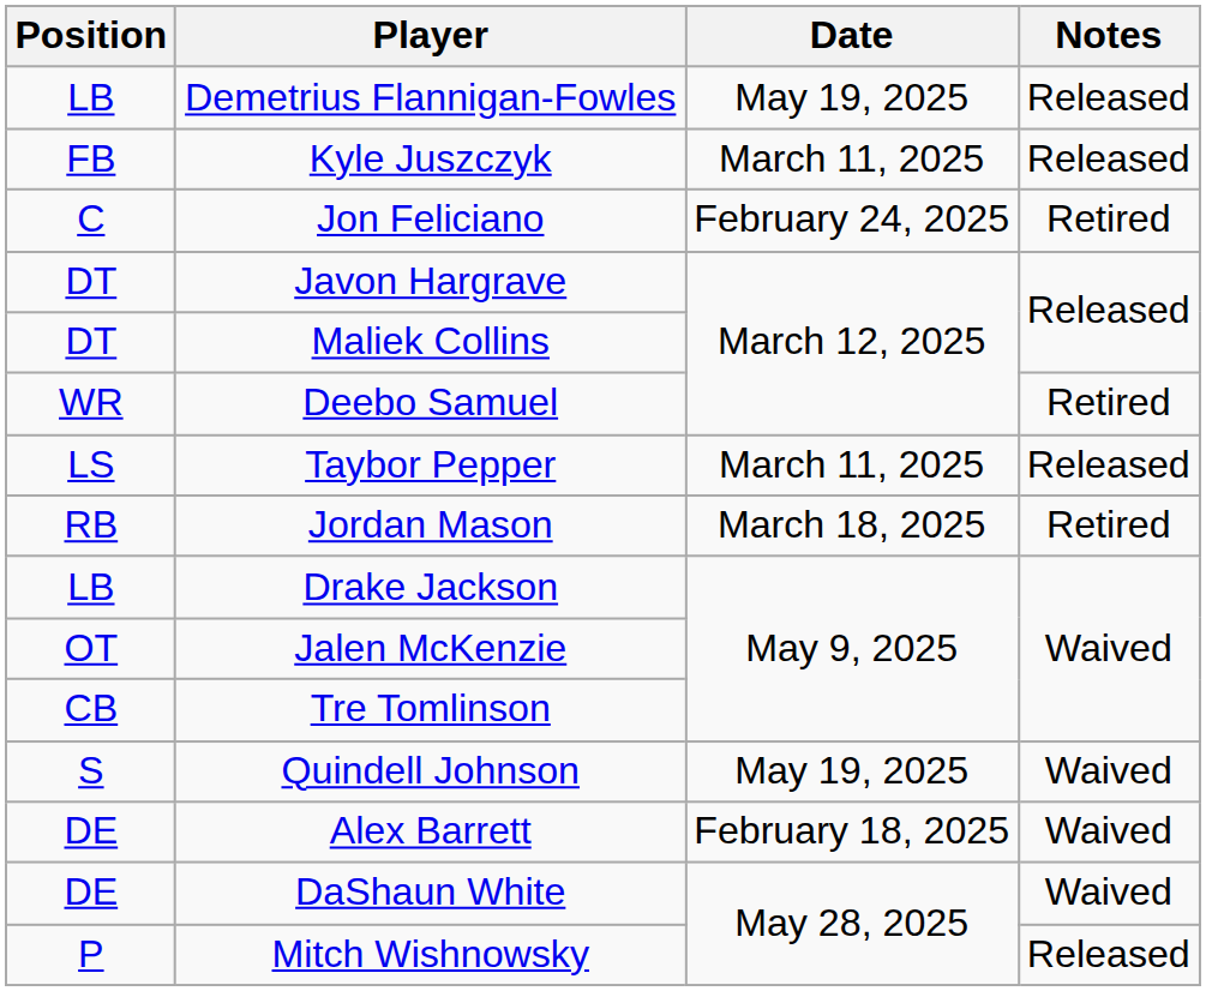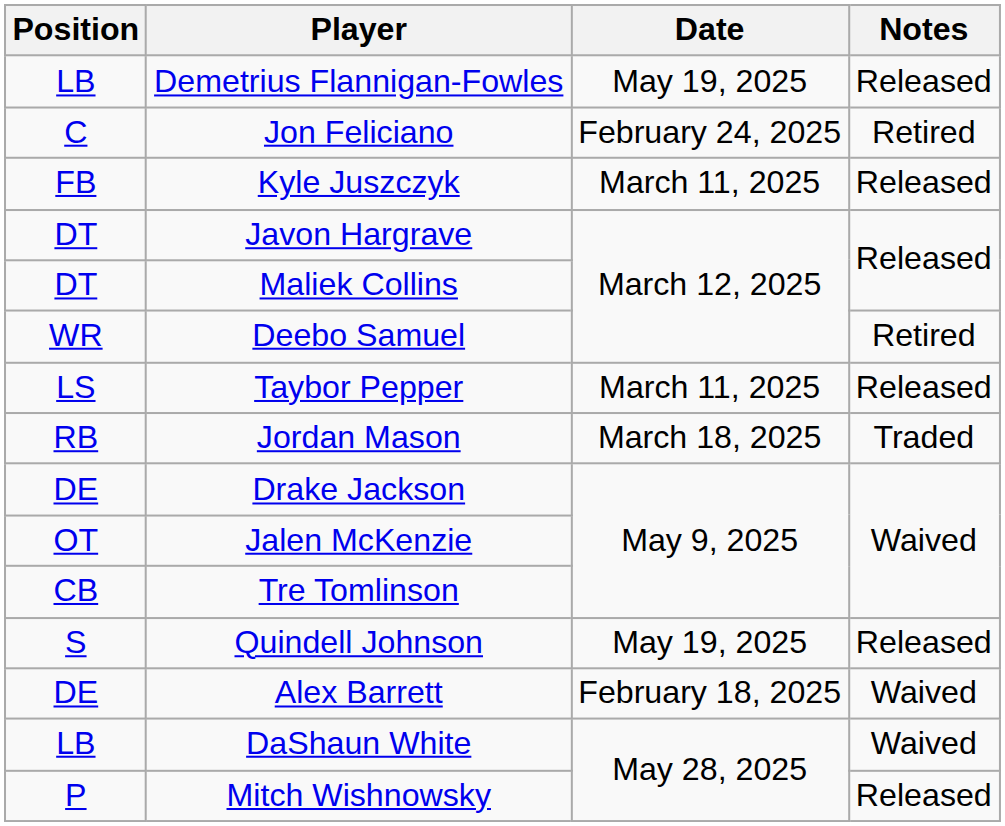 <table class="sortable wikitable" style="text-align:center">
 <tr>
 <th>Position</th>
 <th>Player</th>
 <th>Date</th>
 <th>Notes</th>
 </tr>
 <tr>
 <td><a href='#'>LB</a></td>
 <td><a href='#'>Demetrius Flannigan-Fowles</a></td>
 <td>May 19, 2025</td>
 <td>Released</td>
 </tr>
 <tr>
+<td><a href='#'>C</a></td>
+<td><a href='#'>Jon Feliciano</a></td>
+<td>February 24, 2025</td>
+<td>Retired</td>
+</tr>
+<tr>
 <td><a href='#'>FB</a></td>
 <td><a href='#'>Kyle Juszczyk</a></td>
 <td>March 11, 2025</td>
 <td>Released</td>
-</tr>
-<tr>
-<td><a href='#'>C</a></td>
-<td><a href='#'>Jon Feliciano</a></td>
-<td>February 24, 2025</td>
-<td>Retired</td>
 </tr>
 <tr>
 <td><a href='#'>DT</a></td>
 <td><a href='#'>Javon Hargrave</a></td>
 <td rowspan="3">March 12, 2025</td>
 <td rowspan="2">Released</td>
 </tr>
 <tr>
 <td><a href='#'>DT</a></td>
 <td><a href='#'>Maliek Collins</a></td>
 </tr>
 <tr>
 <td><a href='#'>WR</a></td>
 <td><a href='#'>Deebo Samuel</a></td>
 <td>Retired</td>
 </tr>
 <tr>
 <td><a href='#'>LS</a></td>
 <td><a href='#'>Taybor Pepper</a></td>
 <td>March 11, 2025</td>
 <td>Released</td>
 </tr>
 <tr>
 <td><a href='#'>RB</a></td>
 <td><a href='#'>Jordan Mason</a></td>
 <td>March 18, 2025</td>
-<td>Retired</td>
+<td>Traded</td>
 </tr>
 <tr>
-<td><a href='#'>LB</a></td>
+<td><a href='#'>DE</a></td>
 <td><a href='#'>Drake Jackson</a></td>
 <td rowspan="3">May 9, 2025</td>
 <td rowspan="3">Waived</td>
 </tr>
 <tr>
 <td><a href='#'>OT</a></td>
 <td><a href='#'>Jalen McKenzie</a></td>
 </tr>
 <tr>
 <td><a href='#'>CB</a></td>
 <td><a href='#'>Tre Tomlinson</a></td>
 </tr>
 <tr>
 <td><a href='#'>S</a></td>
 <td><a href='#'>Quindell Johnson</a></td>
 <td>May 19, 2025</td>
-<td>Waived</td>
+<td>Released</td>
 </tr>
 <tr>
 <td><a href='#'>DE</a></td>
 <td><a href='#'>Alex Barrett</a></td>
 <td>February 18, 2025</td>
 <td>Waived</td>
 </tr>
 <tr>
-<td><a href='#'>DE</a></td>
+<td><a href='#'>LB</a></td>
 <td><a href='#'>DaShaun White</a></td>
 <td rowspan="2">May 28, 2025</td>
 <td>Waived</td>
 </tr>
 <tr>
 <td><a href='#'>P</a></td>
 <td><a href='#'>Mitch Wishnowsky</a></td>
 <td>Released</td>
 </tr>
 </table>
